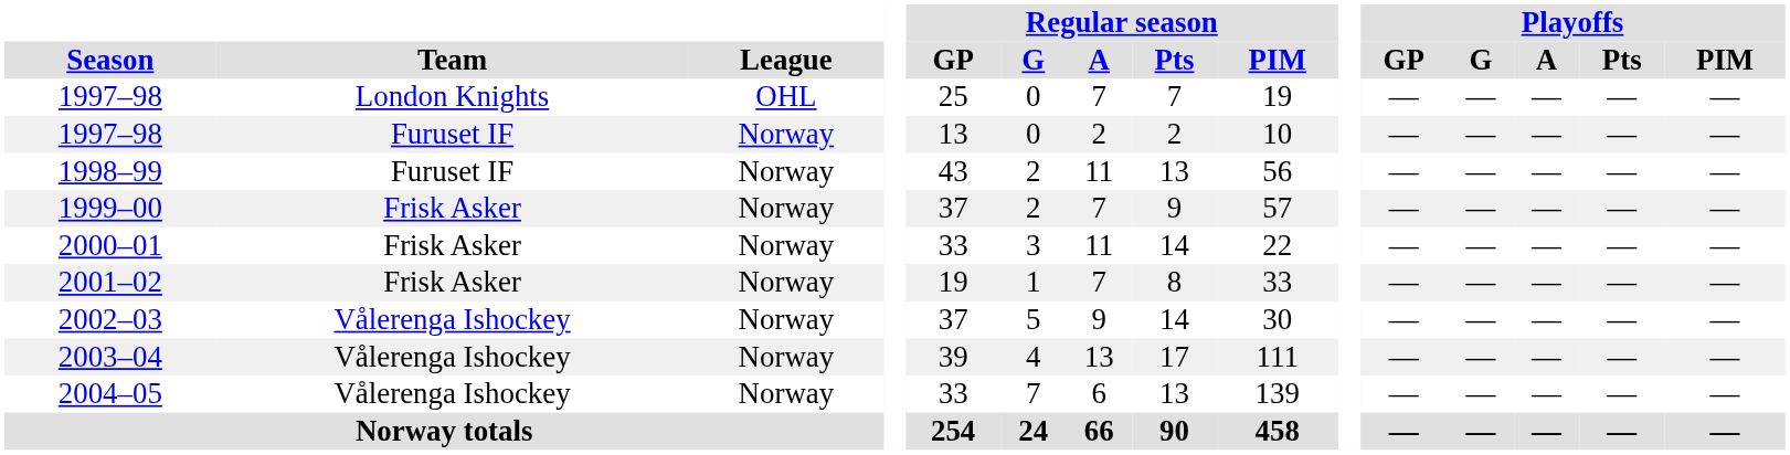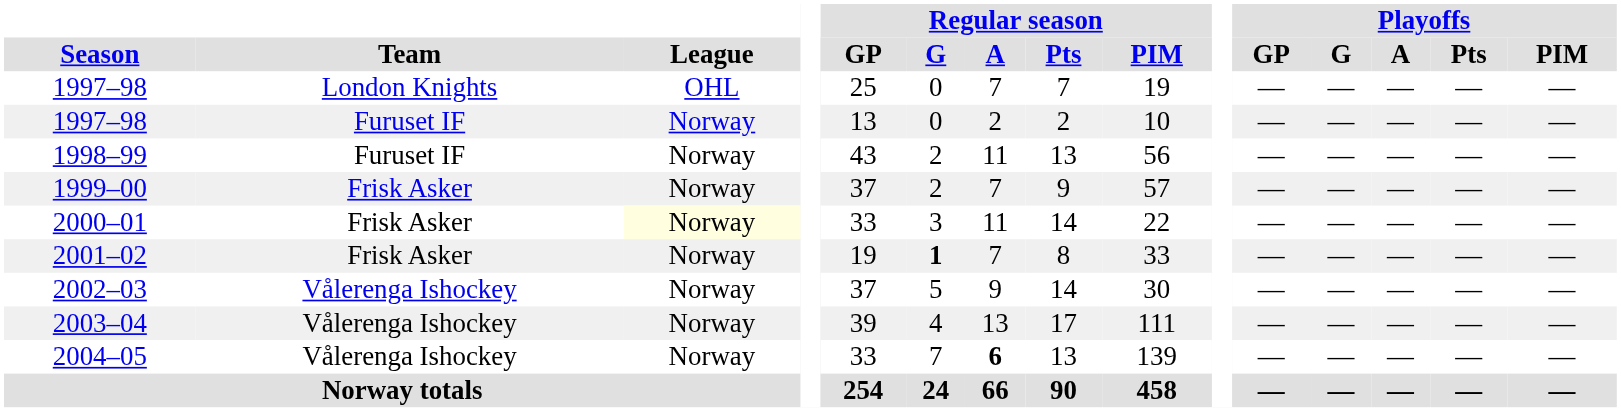 <table border="0" cellpadding="1" cellspacing="0" style="text-align:center; width:60em">
 <tr bgcolor="#e0e0e0">
 <th colspan="3" bgcolor="#ffffff"> </th>
 <th rowspan="99" bgcolor="#ffffff"> </th>
 <th colspan="5"><a href='#'>Regular season</a></th>
 <th rowspan="99" bgcolor="#ffffff"> </th>
 <th colspan="5"><a href='#'>Playoffs</a></th>
 </tr>
 <tr bgcolor="#e0e0e0">
 <th><a href='#'>Season</a></th>
 <th>Team</th>
 <th>League</th>
 <th>GP</th>
 <th><a href='#'>G</a></th>
 <th><a href='#'>A</a></th>
 <th><a href='#'>Pts</a></th>
 <th><a href='#'>PIM</a></th>
 <th>GP</th>
 <th>G</th>
 <th>A</th>
 <th>Pts</th>
 <th>PIM</th>
 </tr>
 <tr>
 <td><a href='#'>1997–98</a></td>
 <td><a href='#'>London Knights</a></td>
 <td><a href='#'>OHL</a></td>
 <td>25</td>
 <td>0</td>
 <td>7</td>
 <td>7</td>
 <td>19</td>
 <td>—</td>
 <td>—</td>
 <td>—</td>
 <td>—</td>
 <td>—</td>
 </tr>
 <tr bgcolor="#f0f0f0">
 <td><a href='#'>1997–98</a></td>
 <td><a href='#'>Furuset IF</a></td>
 <td><a href='#'>Norway</a></td>
 <td>13</td>
 <td>0</td>
 <td>2</td>
 <td>2</td>
 <td>10</td>
 <td>—</td>
 <td>—</td>
 <td>—</td>
 <td>—</td>
 <td>—</td>
 </tr>
 <tr>
 <td><a href='#'>1998–99</a></td>
 <td>Furuset IF</td>
 <td>Norway</td>
 <td>43</td>
 <td>2</td>
 <td>11</td>
 <td>13</td>
 <td>56</td>
 <td>—</td>
 <td>—</td>
 <td>—</td>
 <td>—</td>
 <td>—</td>
 </tr>
 <tr bgcolor="#f0f0f0">
 <td><a href='#'>1999–00</a></td>
 <td><a href='#'>Frisk Asker</a></td>
 <td>Norway</td>
 <td>37</td>
 <td>2</td>
 <td>7</td>
 <td>9</td>
 <td>57</td>
 <td>—</td>
 <td>—</td>
 <td>—</td>
 <td>—</td>
 <td>—</td>
 </tr>
 <tr>
 <td><a href='#'>2000–01</a></td>
 <td>Frisk Asker</td>
-<td>Norway</td>
+<td style="background: lightyellow;">Norway</td>
 <td>33</td>
 <td>3</td>
 <td>11</td>
 <td>14</td>
 <td>22</td>
 <td>—</td>
 <td>—</td>
 <td>—</td>
 <td>—</td>
 <td>—</td>
 </tr>
 <tr bgcolor="#f0f0f0">
 <td><a href='#'>2001–02</a></td>
 <td>Frisk Asker</td>
 <td>Norway</td>
 <td>19</td>
-<td>1</td>
+<td><strong>1</strong></td>
 <td>7</td>
 <td>8</td>
 <td>33</td>
 <td>—</td>
 <td>—</td>
 <td>—</td>
 <td>—</td>
 <td>—</td>
 </tr>
 <tr>
 <td><a href='#'>2002–03</a></td>
 <td><a href='#'>Vålerenga Ishockey</a></td>
 <td>Norway</td>
 <td>37</td>
 <td>5</td>
 <td>9</td>
 <td>14</td>
 <td>30</td>
 <td>—</td>
 <td>—</td>
 <td>—</td>
 <td>—</td>
 <td>—</td>
 </tr>
 <tr bgcolor="#f0f0f0">
 <td><a href='#'>2003–04</a></td>
 <td>Vålerenga Ishockey</td>
 <td>Norway</td>
 <td>39</td>
 <td>4</td>
 <td>13</td>
 <td>17</td>
 <td>111</td>
 <td>—</td>
 <td>—</td>
 <td>—</td>
 <td>—</td>
 <td>—</td>
 </tr>
 <tr>
 <td><a href='#'>2004–05</a></td>
 <td>Vålerenga Ishockey</td>
 <td>Norway</td>
 <td>33</td>
 <td>7</td>
-<td>6</td>
+<td><strong>6</strong></td>
 <td>13</td>
 <td>139</td>
 <td>—</td>
 <td>—</td>
 <td>—</td>
 <td>—</td>
 <td>—</td>
 </tr>
 <tr>
 </tr>
 <tr ALIGN="center" bgcolor="#e0e0e0">
 <th colspan="3">Norway totals</th>
 <th ALIGN="center">254</th>
 <th ALIGN="center">24</th>
 <th ALIGN="center">66</th>
 <th ALIGN="center">90</th>
 <th ALIGN="center">458</th>
 <th ALIGN="center">—</th>
 <th ALIGN="center">—</th>
 <th ALIGN="center">—</th>
 <th ALIGN="center">—</th>
 <th ALIGN="center">—</th>
 </tr>
 </table>
